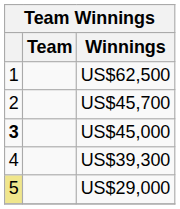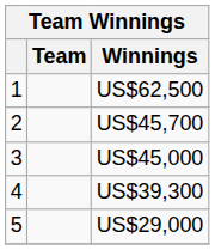 <table class="wikitable">
 <tr>
 <th colspan="3">Team Winnings</th>
 </tr>
 <tr>
 <th></th>
 <th>Team</th>
 <th>Winnings</th>
 </tr>
 <tr>
 <td>1</td>
 <td><br></td>
 <td>US$62,500</td>
 </tr>
 <tr>
 <td>2</td>
 <td><br></td>
 <td>US$45,700</td>
 </tr>
 <tr>
-<td><strong>3</strong></td>
+<td>3</td>
 <td><br></td>
 <td>US$45,000</td>
 </tr>
 <tr>
 <td>4</td>
 <td><br></td>
 <td>US$39,300</td>
 </tr>
 <tr>
-<td style="background: khaki;">5</td>
+<td>5</td>
 <td><br></td>
 <td>US$29,000</td>
 </tr>
 <tr>
 </tr>
 </table>
